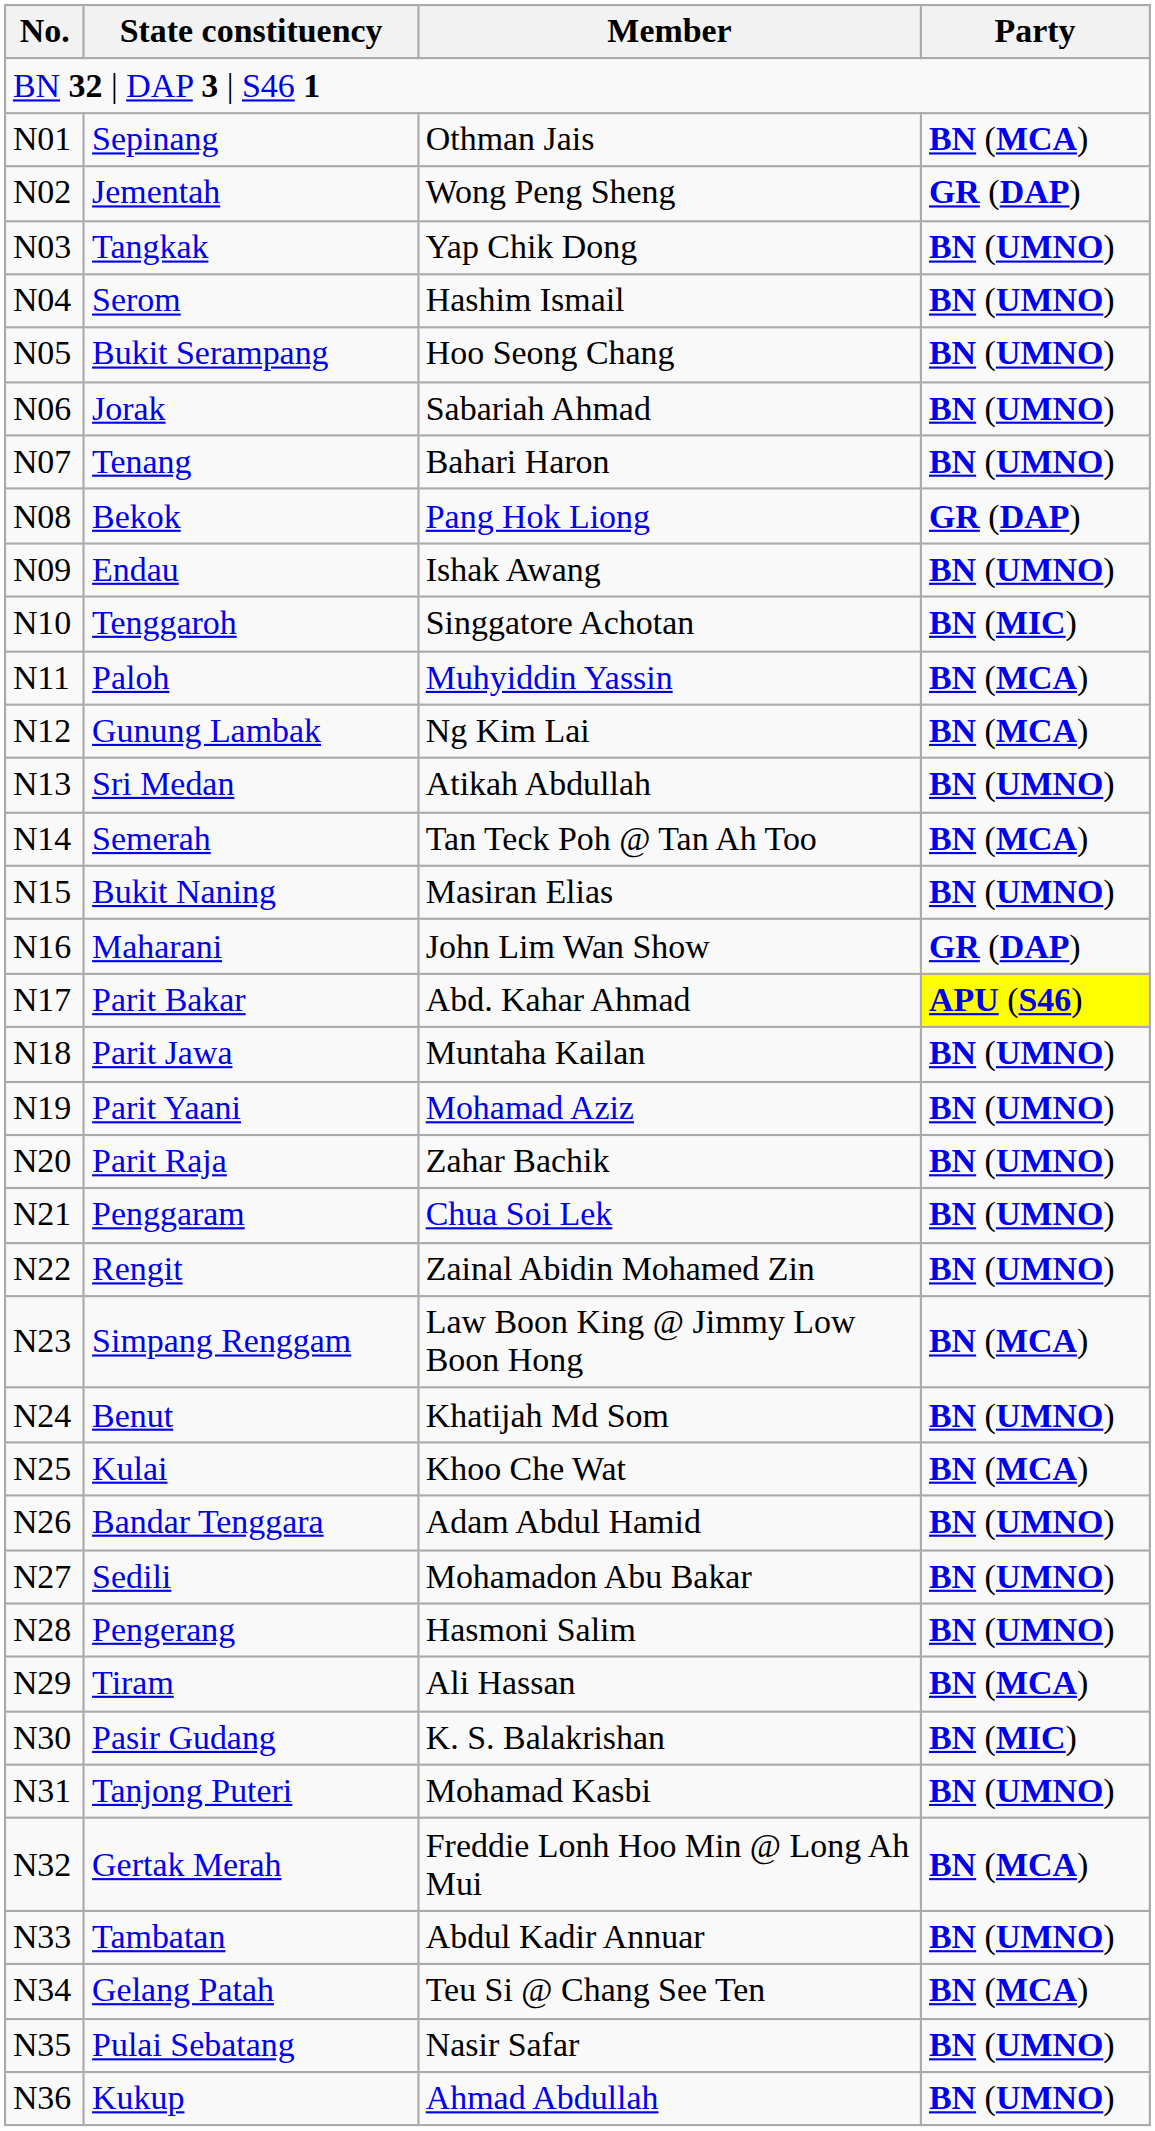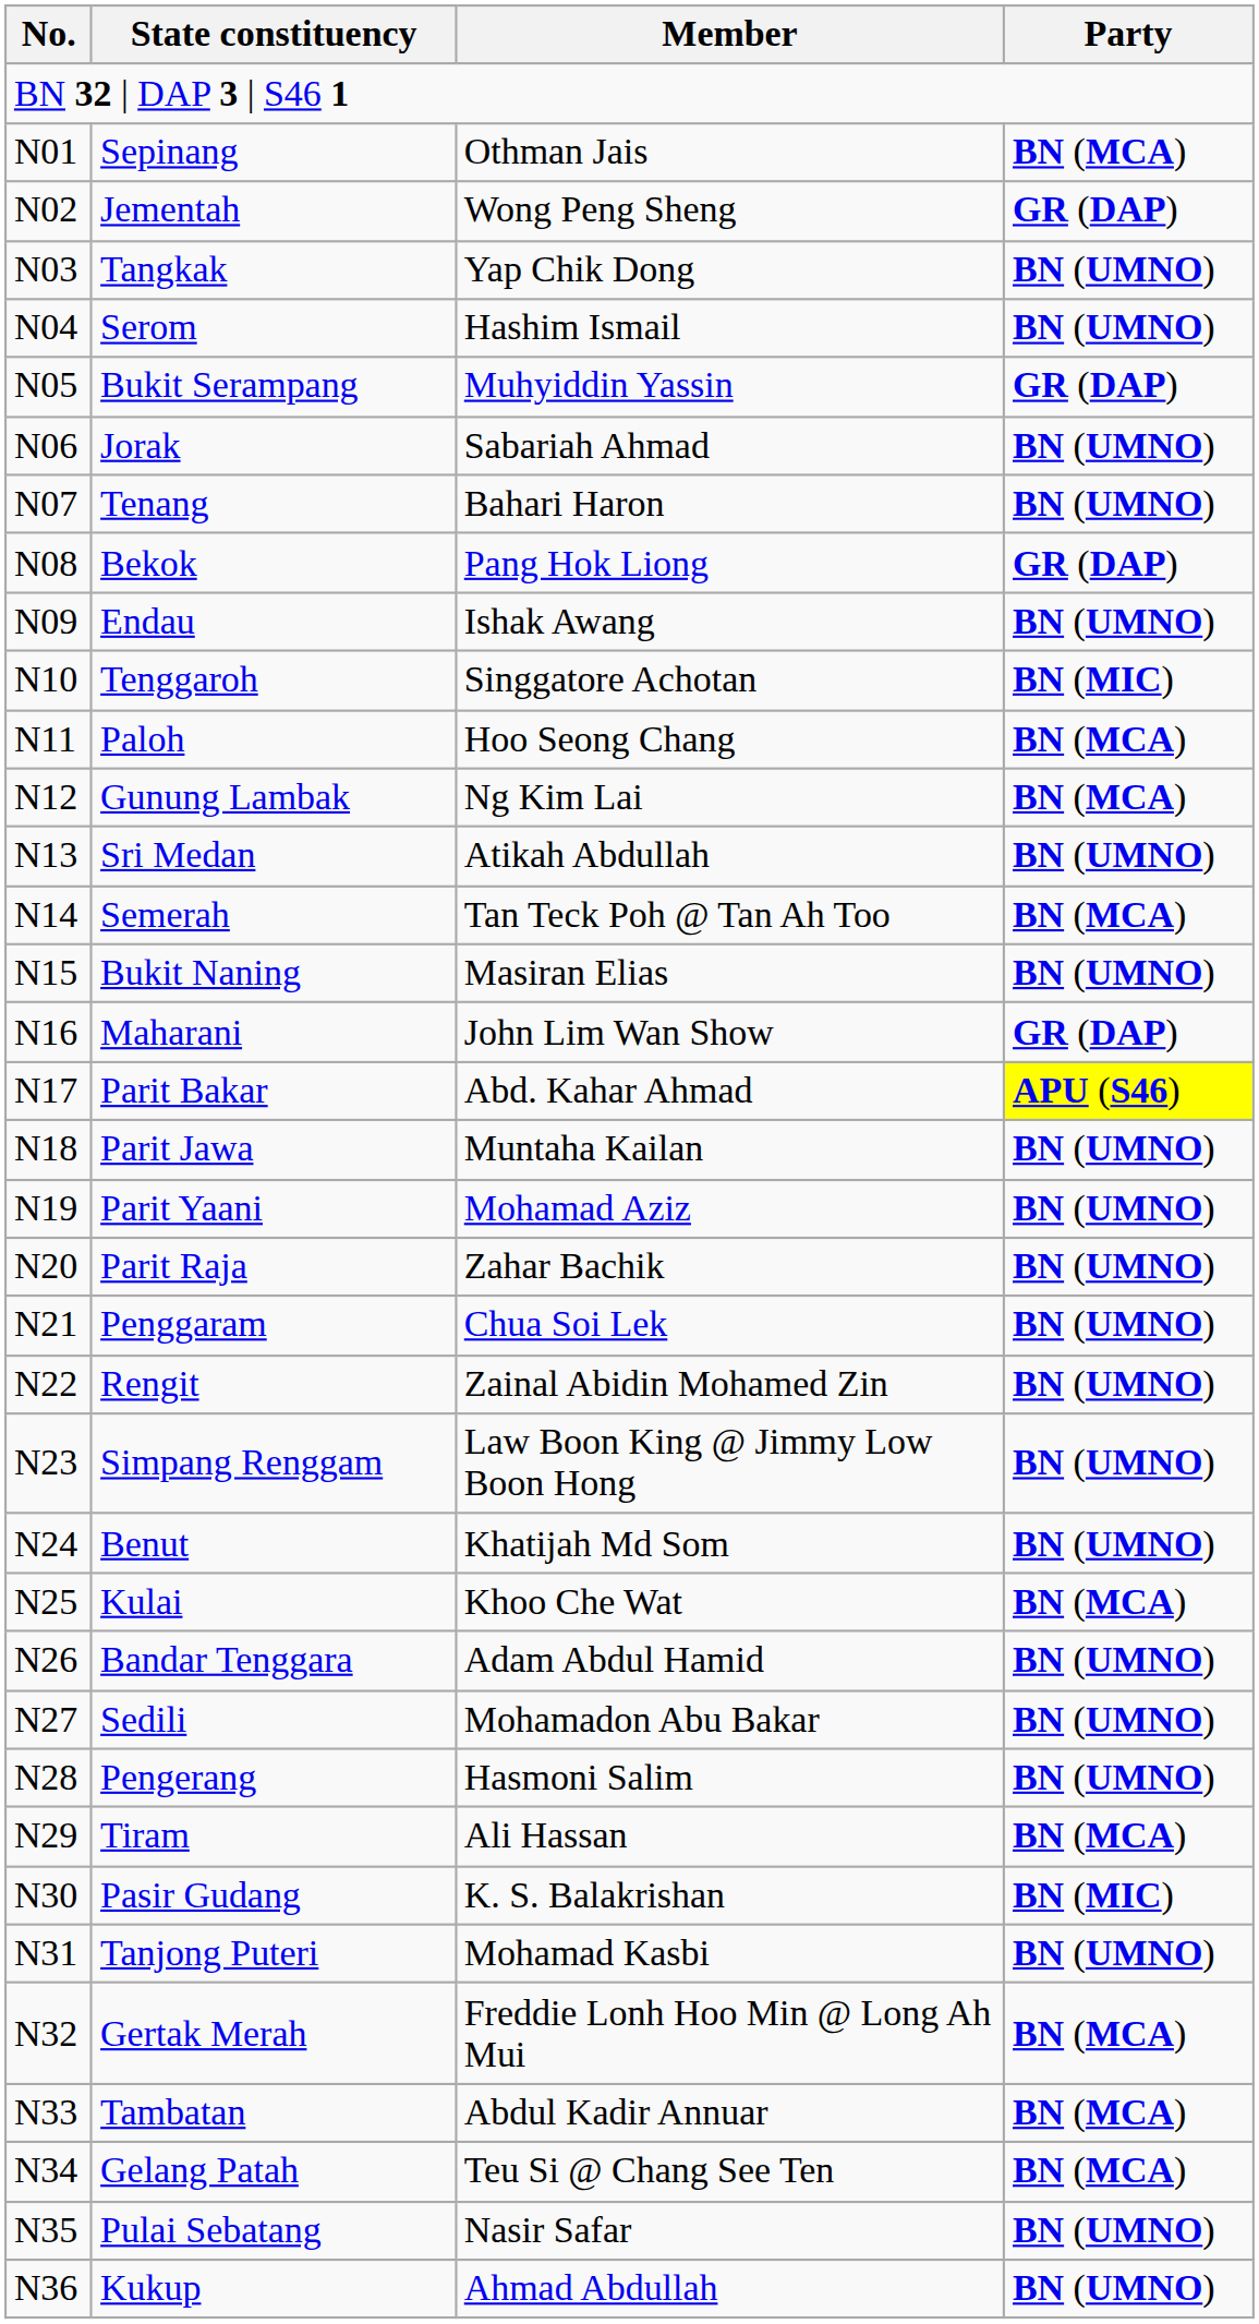 <table class="wikitable sortable">
 <tr>
 <th style="width:30px;">No.</th>
 <th style="width:150px;">State constituency</th>
 <th style="width:230px;">Member</th>
 <th style="width:100px;">Party</th>
 </tr>
 <tr>
 <td colspan="4"><a href='#'>BN</a> <strong>32</strong> | <a href='#'>DAP</a> <strong>3</strong> | <a href='#'>S46</a> <strong>1</strong></td>
 </tr>
 <tr>
 <td>N01</td>
 <td><a href='#'>Sepinang</a></td>
 <td>Othman Jais</td>
 <td><strong><a href='#'>BN</a></strong> (<strong><a href='#'>MCA</a></strong>)</td>
 </tr>
 <tr>
 <td>N02</td>
 <td><a href='#'>Jementah</a></td>
 <td>Wong Peng Sheng</td>
 <td><strong><a href='#'>GR</a></strong> (<strong><a href='#'>DAP</a></strong>)</td>
 </tr>
 <tr>
 <td>N03</td>
 <td><a href='#'>Tangkak</a></td>
 <td>Yap Chik Dong</td>
 <td><strong><a href='#'>BN</a></strong> (<strong><a href='#'>UMNO</a></strong>)</td>
 </tr>
 <tr>
 <td>N04</td>
 <td><a href='#'>Serom</a></td>
 <td>Hashim Ismail</td>
 <td><strong><a href='#'>BN</a></strong> (<strong><a href='#'>UMNO</a></strong>)</td>
 </tr>
 <tr>
 <td>N05</td>
 <td><a href='#'>Bukit Serampang</a></td>
-<td>Hoo Seong Chang</td>
-<td><strong><a href='#'>BN</a></strong> (<strong><a href='#'>UMNO</a></strong>)</td>
+<td><a href='#'>Muhyiddin Yassin</a></td>
+<td><strong><a href='#'>GR</a></strong> (<strong><a href='#'>DAP</a></strong>)</td>
 </tr>
 <tr>
 <td>N06</td>
 <td><a href='#'>Jorak</a></td>
 <td>Sabariah Ahmad</td>
 <td><strong><a href='#'>BN</a></strong> (<strong><a href='#'>UMNO</a></strong>)</td>
 </tr>
 <tr>
 <td>N07</td>
 <td><a href='#'>Tenang</a></td>
 <td>Bahari Haron</td>
 <td><strong><a href='#'>BN</a></strong> (<strong><a href='#'>UMNO</a></strong>)</td>
 </tr>
 <tr>
 <td>N08</td>
 <td><a href='#'>Bekok</a></td>
 <td><a href='#'>Pang Hok Liong</a></td>
 <td><strong><a href='#'>GR</a></strong> (<strong><a href='#'>DAP</a></strong>)</td>
 </tr>
 <tr>
 <td>N09</td>
 <td><a href='#'>Endau</a></td>
 <td>Ishak Awang</td>
 <td><strong><a href='#'>BN</a></strong> (<strong><a href='#'>UMNO</a></strong>)</td>
 </tr>
 <tr>
 <td>N10</td>
 <td><a href='#'>Tenggaroh</a></td>
 <td>Singgatore Achotan</td>
 <td><strong><a href='#'>BN</a></strong> (<strong><a href='#'>MIC</a></strong>)</td>
 </tr>
 <tr>
 <td>N11</td>
 <td><a href='#'>Paloh</a></td>
-<td><a href='#'>Muhyiddin Yassin</a></td>
+<td>Hoo Seong Chang</td>
 <td><strong><a href='#'>BN</a></strong> (<strong><a href='#'>MCA</a></strong>)</td>
 </tr>
 <tr>
 <td>N12</td>
 <td><a href='#'>Gunung Lambak</a></td>
 <td>Ng Kim Lai</td>
 <td><strong><a href='#'>BN</a></strong> (<strong><a href='#'>MCA</a></strong>)</td>
 </tr>
 <tr>
 <td>N13</td>
 <td><a href='#'>Sri Medan</a></td>
 <td>Atikah Abdullah</td>
 <td><strong><a href='#'>BN</a></strong> (<strong><a href='#'>UMNO</a></strong>)</td>
 </tr>
 <tr>
 <td>N14</td>
 <td><a href='#'>Semerah</a></td>
 <td>Tan Teck Poh @ Tan Ah Too</td>
 <td><strong><a href='#'>BN</a></strong> (<strong><a href='#'>MCA</a></strong>)</td>
 </tr>
 <tr>
 <td>N15</td>
 <td><a href='#'>Bukit Naning</a></td>
 <td>Masiran Elias</td>
 <td><strong><a href='#'>BN</a></strong> (<strong><a href='#'>UMNO</a></strong>)</td>
 </tr>
 <tr>
 <td>N16</td>
 <td><a href='#'>Maharani</a></td>
 <td>John Lim Wan Show</td>
 <td><strong><a href='#'>GR</a></strong> (<strong><a href='#'>DAP</a></strong>)</td>
 </tr>
 <tr>
 <td>N17</td>
 <td><a href='#'>Parit Bakar</a></td>
 <td>Abd. Kahar Ahmad</td>
 <td bgcolor="yellow"><strong><a href='#'>APU</a></strong> (<strong><a href='#'>S46</a></strong>)</td>
 </tr>
 <tr>
 <td>N18</td>
 <td><a href='#'>Parit Jawa</a></td>
 <td>Muntaha Kailan</td>
 <td><strong><a href='#'>BN</a></strong> (<strong><a href='#'>UMNO</a></strong>)</td>
 </tr>
 <tr>
 <td>N19</td>
 <td><a href='#'>Parit Yaani</a></td>
 <td><a href='#'>Mohamad Aziz</a></td>
 <td><strong><a href='#'>BN</a></strong> (<strong><a href='#'>UMNO</a></strong>)</td>
 </tr>
 <tr>
 <td>N20</td>
 <td><a href='#'>Parit Raja</a></td>
 <td>Zahar Bachik</td>
 <td><strong><a href='#'>BN</a></strong> (<strong><a href='#'>UMNO</a></strong>)</td>
 </tr>
 <tr>
 <td>N21</td>
 <td><a href='#'>Penggaram</a></td>
 <td><a href='#'>Chua Soi Lek</a></td>
 <td><strong><a href='#'>BN</a></strong> (<strong><a href='#'>UMNO</a></strong>)</td>
 </tr>
 <tr>
 <td>N22</td>
 <td><a href='#'>Rengit</a></td>
 <td>Zainal Abidin Mohamed Zin</td>
 <td><strong><a href='#'>BN</a></strong> (<strong><a href='#'>UMNO</a></strong>)</td>
 </tr>
 <tr>
 <td>N23</td>
 <td><a href='#'>Simpang Renggam</a></td>
 <td>Law Boon King @ Jimmy Low Boon Hong</td>
-<td><strong><a href='#'>BN</a></strong> (<strong><a href='#'>MCA</a></strong>)</td>
+<td><strong><a href='#'>BN</a></strong> (<strong><a href='#'>UMNO</a></strong>)</td>
 </tr>
 <tr>
 <td>N24</td>
 <td><a href='#'>Benut</a></td>
 <td>Khatijah Md Som</td>
 <td><strong><a href='#'>BN</a></strong> (<strong><a href='#'>UMNO</a></strong>)</td>
 </tr>
 <tr>
 <td>N25</td>
 <td><a href='#'>Kulai</a></td>
 <td>Khoo Che Wat</td>
 <td><strong><a href='#'>BN</a></strong> (<strong><a href='#'>MCA</a></strong>)</td>
 </tr>
 <tr>
 <td>N26</td>
 <td><a href='#'>Bandar Tenggara</a></td>
 <td>Adam Abdul Hamid</td>
 <td><strong><a href='#'>BN</a></strong> (<strong><a href='#'>UMNO</a></strong>)</td>
 </tr>
 <tr>
 <td>N27</td>
 <td><a href='#'>Sedili</a></td>
 <td>Mohamadon Abu Bakar</td>
 <td><strong><a href='#'>BN</a></strong> (<strong><a href='#'>UMNO</a></strong>)</td>
 </tr>
 <tr>
 <td>N28</td>
 <td><a href='#'>Pengerang</a></td>
 <td>Hasmoni Salim</td>
 <td><strong><a href='#'>BN</a></strong> (<strong><a href='#'>UMNO</a></strong>)</td>
 </tr>
 <tr>
 <td>N29</td>
 <td><a href='#'>Tiram</a></td>
 <td>Ali Hassan</td>
 <td><strong><a href='#'>BN</a></strong> (<strong><a href='#'>MCA</a></strong>)</td>
 </tr>
 <tr>
 <td>N30</td>
 <td><a href='#'>Pasir Gudang</a></td>
 <td>K. S. Balakrishan</td>
 <td><strong><a href='#'>BN</a></strong> (<strong><a href='#'>MIC</a></strong>)</td>
 </tr>
 <tr>
 <td>N31</td>
 <td><a href='#'>Tanjong Puteri</a></td>
 <td>Mohamad Kasbi</td>
 <td><strong><a href='#'>BN</a></strong> (<strong><a href='#'>UMNO</a></strong>)</td>
 </tr>
 <tr>
 <td>N32</td>
 <td><a href='#'>Gertak Merah</a></td>
 <td>Freddie Lonh Hoo Min @ Long Ah Mui</td>
 <td><strong><a href='#'>BN</a></strong> (<strong><a href='#'>MCA</a></strong>)</td>
 </tr>
 <tr>
 <td>N33</td>
 <td><a href='#'>Tambatan</a></td>
 <td>Abdul Kadir Annuar</td>
-<td><strong><a href='#'>BN</a></strong> (<strong><a href='#'>UMNO</a></strong>)</td>
+<td><strong><a href='#'>BN</a></strong> (<strong><a href='#'>MCA</a></strong>)</td>
 </tr>
 <tr>
 <td>N34</td>
 <td><a href='#'>Gelang Patah</a></td>
 <td>Teu Si @ Chang See Ten</td>
 <td><strong><a href='#'>BN</a></strong> (<strong><a href='#'>MCA</a></strong>)</td>
 </tr>
 <tr>
 <td>N35</td>
 <td><a href='#'>Pulai Sebatang</a></td>
 <td>Nasir Safar</td>
 <td><strong><a href='#'>BN</a></strong> (<strong><a href='#'>UMNO</a></strong>)</td>
 </tr>
 <tr>
 <td>N36</td>
 <td><a href='#'>Kukup</a></td>
 <td><a href='#'>Ahmad Abdullah</a></td>
 <td><strong><a href='#'>BN</a></strong> (<strong><a href='#'>UMNO</a></strong>)</td>
 </tr>
 </table>
